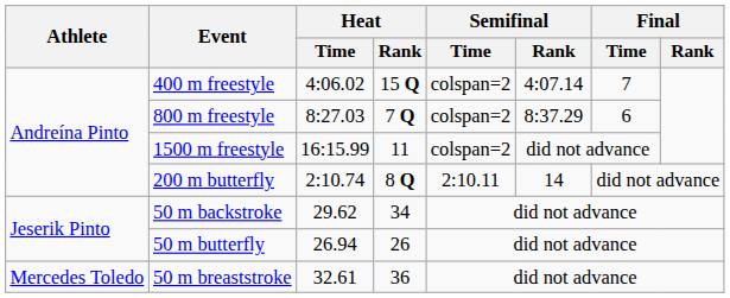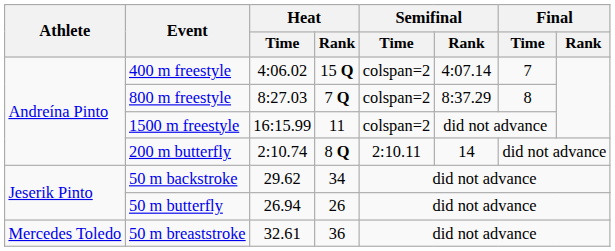 <table class=wikitable style="font-size:90%">
 <tr>
 <th rowspan="2">Athlete</th>
 <th rowspan="2">Event</th>
 <th colspan="2">Heat</th>
 <th colspan="2">Semifinal</th>
 <th colspan="2">Final</th>
 </tr>
 <tr style="font-size:95%">
 <th>Time</th>
 <th>Rank</th>
 <th>Time</th>
 <th>Rank</th>
 <th>Time</th>
 <th>Rank</th>
 </tr>
 <tr align=center>
 <td align=left rowspan=4><a href='#'>Andreína Pinto</a></td>
 <td align=left><a href='#'>400 m freestyle</a></td>
 <td>4:06.02</td>
 <td>15 <strong>Q</strong></td>
 <td>colspan=2 </td>
 <td>4:07.14</td>
 <td>7</td>
 </tr>
 <tr align=center>
 <td align=left><a href='#'>800 m freestyle</a></td>
 <td>8:27.03</td>
 <td>7 <strong>Q</strong></td>
 <td>colspan=2 </td>
 <td>8:37.29</td>
-<td>6</td>
+<td>8</td>
 </tr>
 <tr align=center>
 <td align=left><a href='#'>1500 m freestyle</a></td>
 <td>16:15.99</td>
 <td>11</td>
 <td>colspan=2 </td>
 <td colspan=2>did not advance</td>
 </tr>
 <tr align=center>
 <td align=left><a href='#'>200 m butterfly</a></td>
 <td>2:10.74</td>
 <td>8 <strong>Q</strong></td>
 <td>2:10.11</td>
 <td>14</td>
 <td colspan=2>did not advance</td>
 </tr>
 <tr align=center>
 <td align=left rowspan=2><a href='#'>Jeserik Pinto</a></td>
 <td align=left><a href='#'>50 m backstroke</a></td>
 <td>29.62</td>
 <td>34</td>
 <td colspan=4>did not advance</td>
 </tr>
 <tr align=center>
 <td align=left><a href='#'>50 m butterfly</a></td>
 <td>26.94</td>
 <td>26</td>
 <td colspan=4>did not advance</td>
 </tr>
 <tr align=center>
 <td align=left><a href='#'>Mercedes Toledo</a></td>
 <td align=left><a href='#'>50 m breaststroke</a></td>
 <td>32.61</td>
 <td>36</td>
 <td colspan=4>did not advance</td>
 </tr>
 </table>
